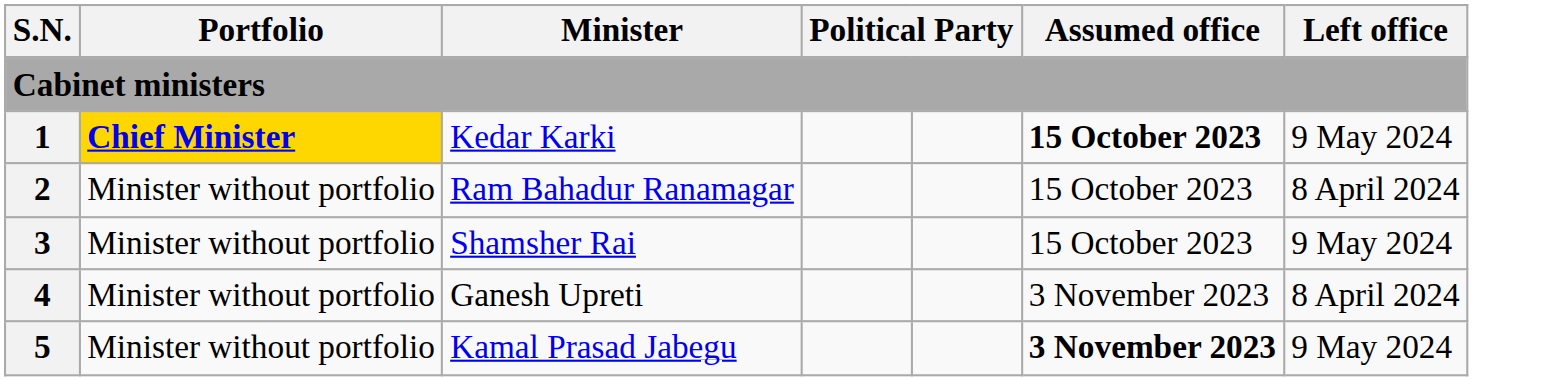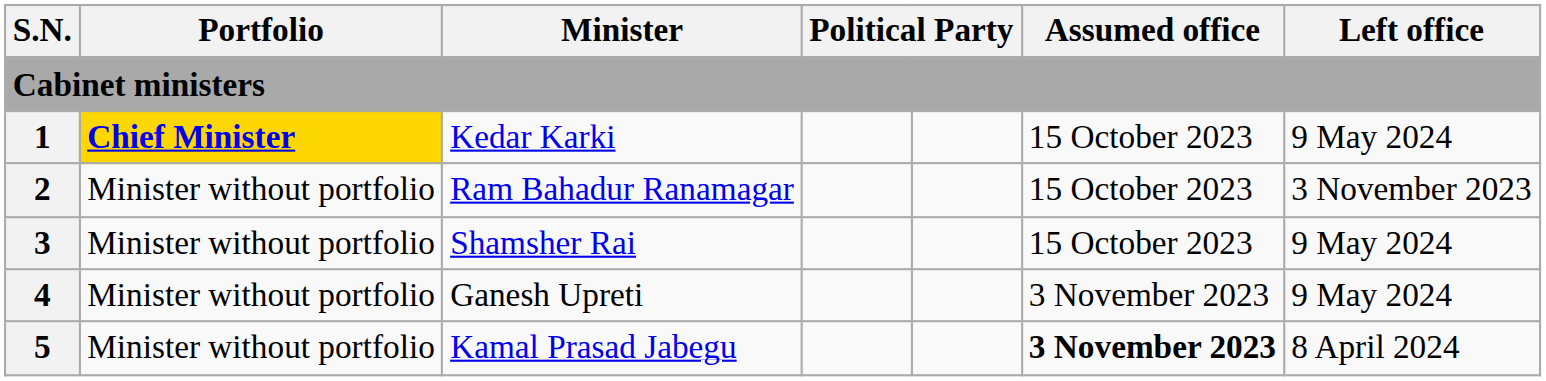 <table class="wikitable">
 <tr>
 <th>S.N.</th>
 <th>Portfolio</th>
 <th>Minister<br></th>
 <th colspan="2">Political Party</th>
 <th>Assumed office</th>
 <th>Left office</th>
 </tr>
 <tr>
 <td colspan="7" bgcolor="darkgrey"><strong>Cabinet ministers</strong></td>
 </tr>
 <tr>
 <th>1</th>
 <td style="background: gold;"><strong><a href='#'>Chief Minister</a><br></strong></td>
 <td><a href='#'>Kedar Karki</a><br></td>
 <td></td>
 <td></td>
-<td><strong>15 October 2023</strong></td>
+<td>15 October 2023</td>
 <td>9 May 2024</td>
 </tr>
 <tr>
 <th>2</th>
 <td>Minister without portfolio</td>
 <td><a href='#'>Ram Bahadur Ranamagar</a><br></td>
 <td></td>
 <td></td>
 <td>15 October 2023</td>
-<td>8 April 2024</td>
+<td>3 November 2023</td>
 </tr>
 <tr>
 <th>3</th>
 <td>Minister without portfolio</td>
 <td><a href='#'>Shamsher Rai</a><br></td>
 <td></td>
 <td></td>
 <td>15 October 2023</td>
 <td>9 May 2024</td>
 </tr>
 <tr>
 <th>4</th>
 <td>Minister without portfolio</td>
 <td>Ganesh Upreti<br></td>
 <td></td>
 <td></td>
 <td>3 November 2023</td>
-<td>8 April 2024</td>
+<td>9 May 2024</td>
 </tr>
 <tr>
 <th>5</th>
 <td>Minister without portfolio</td>
 <td><a href='#'>Kamal Prasad Jabegu</a><br></td>
 <td></td>
 <td></td>
 <td><strong>3 November 2023</strong></td>
-<td>9 May 2024</td>
+<td>8 April 2024</td>
 </tr>
 </table>
